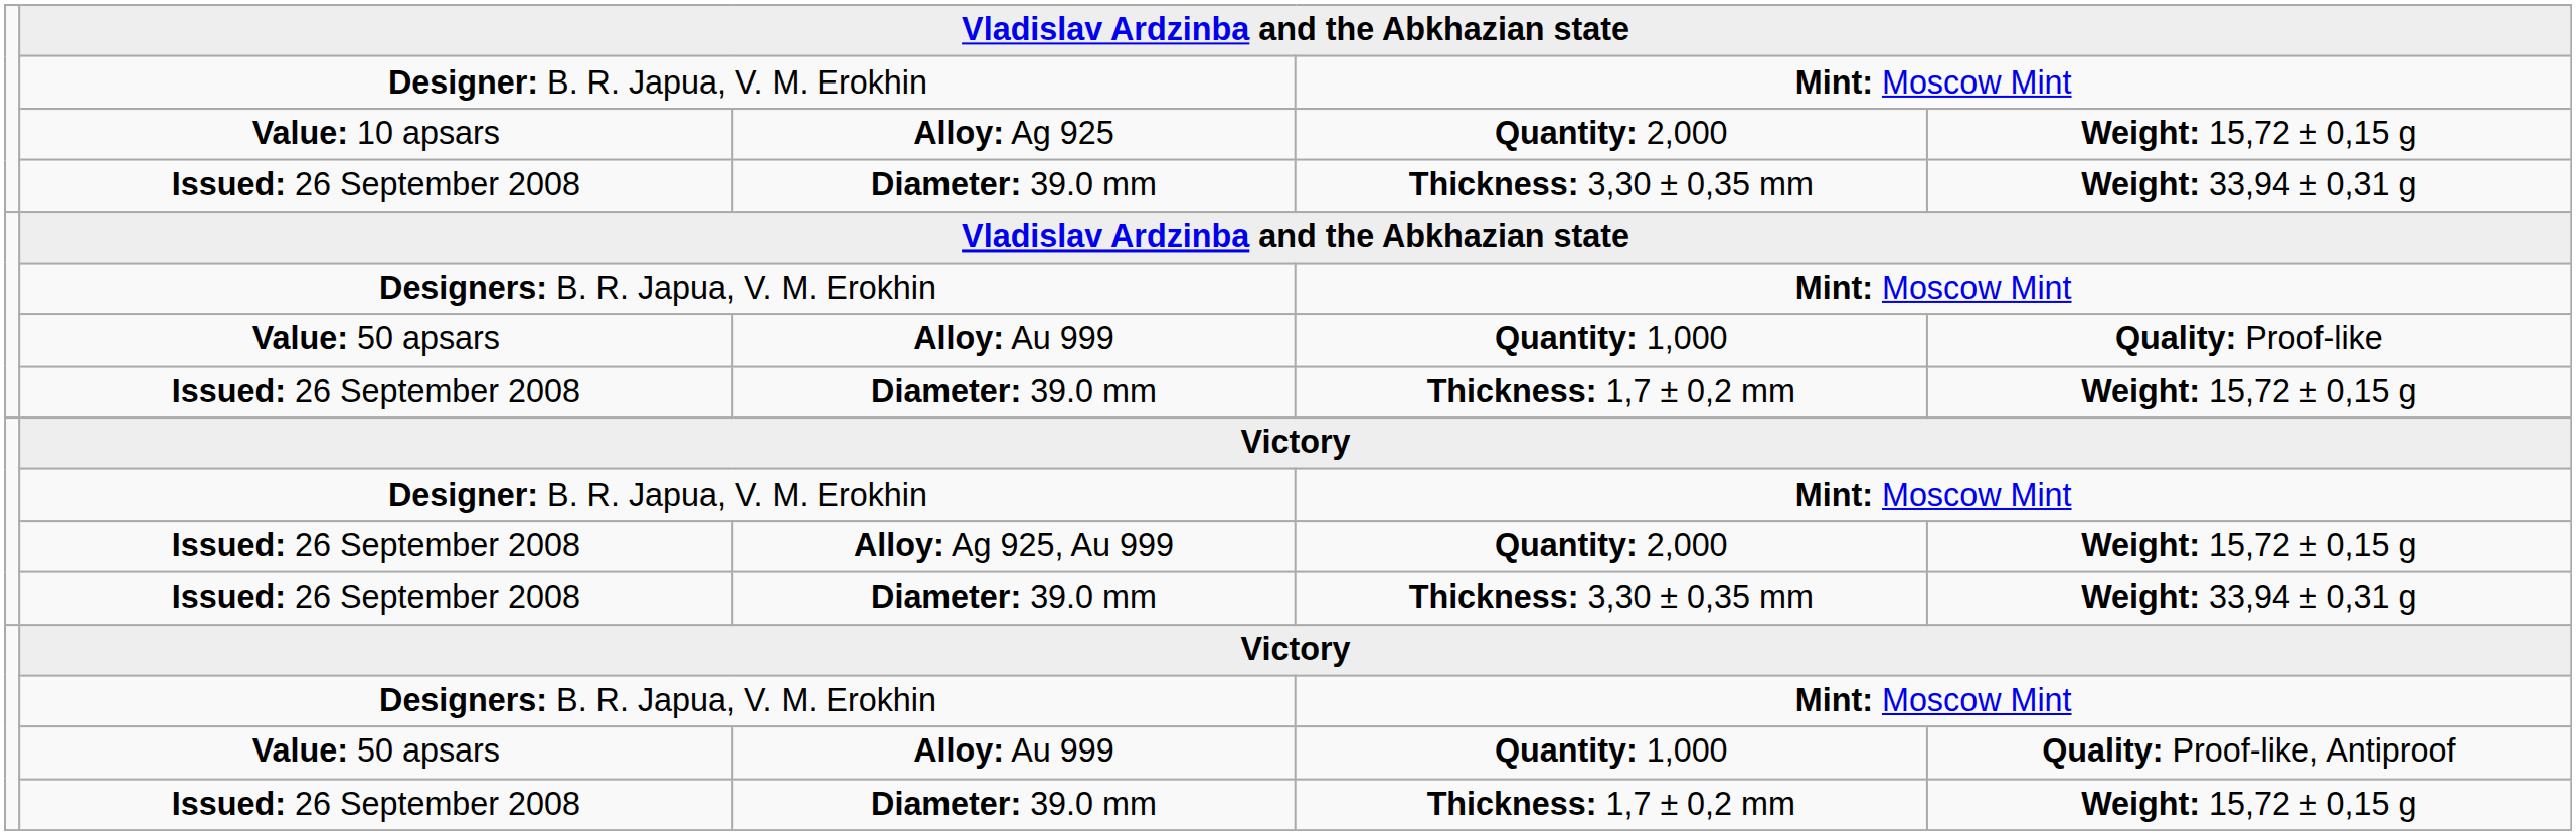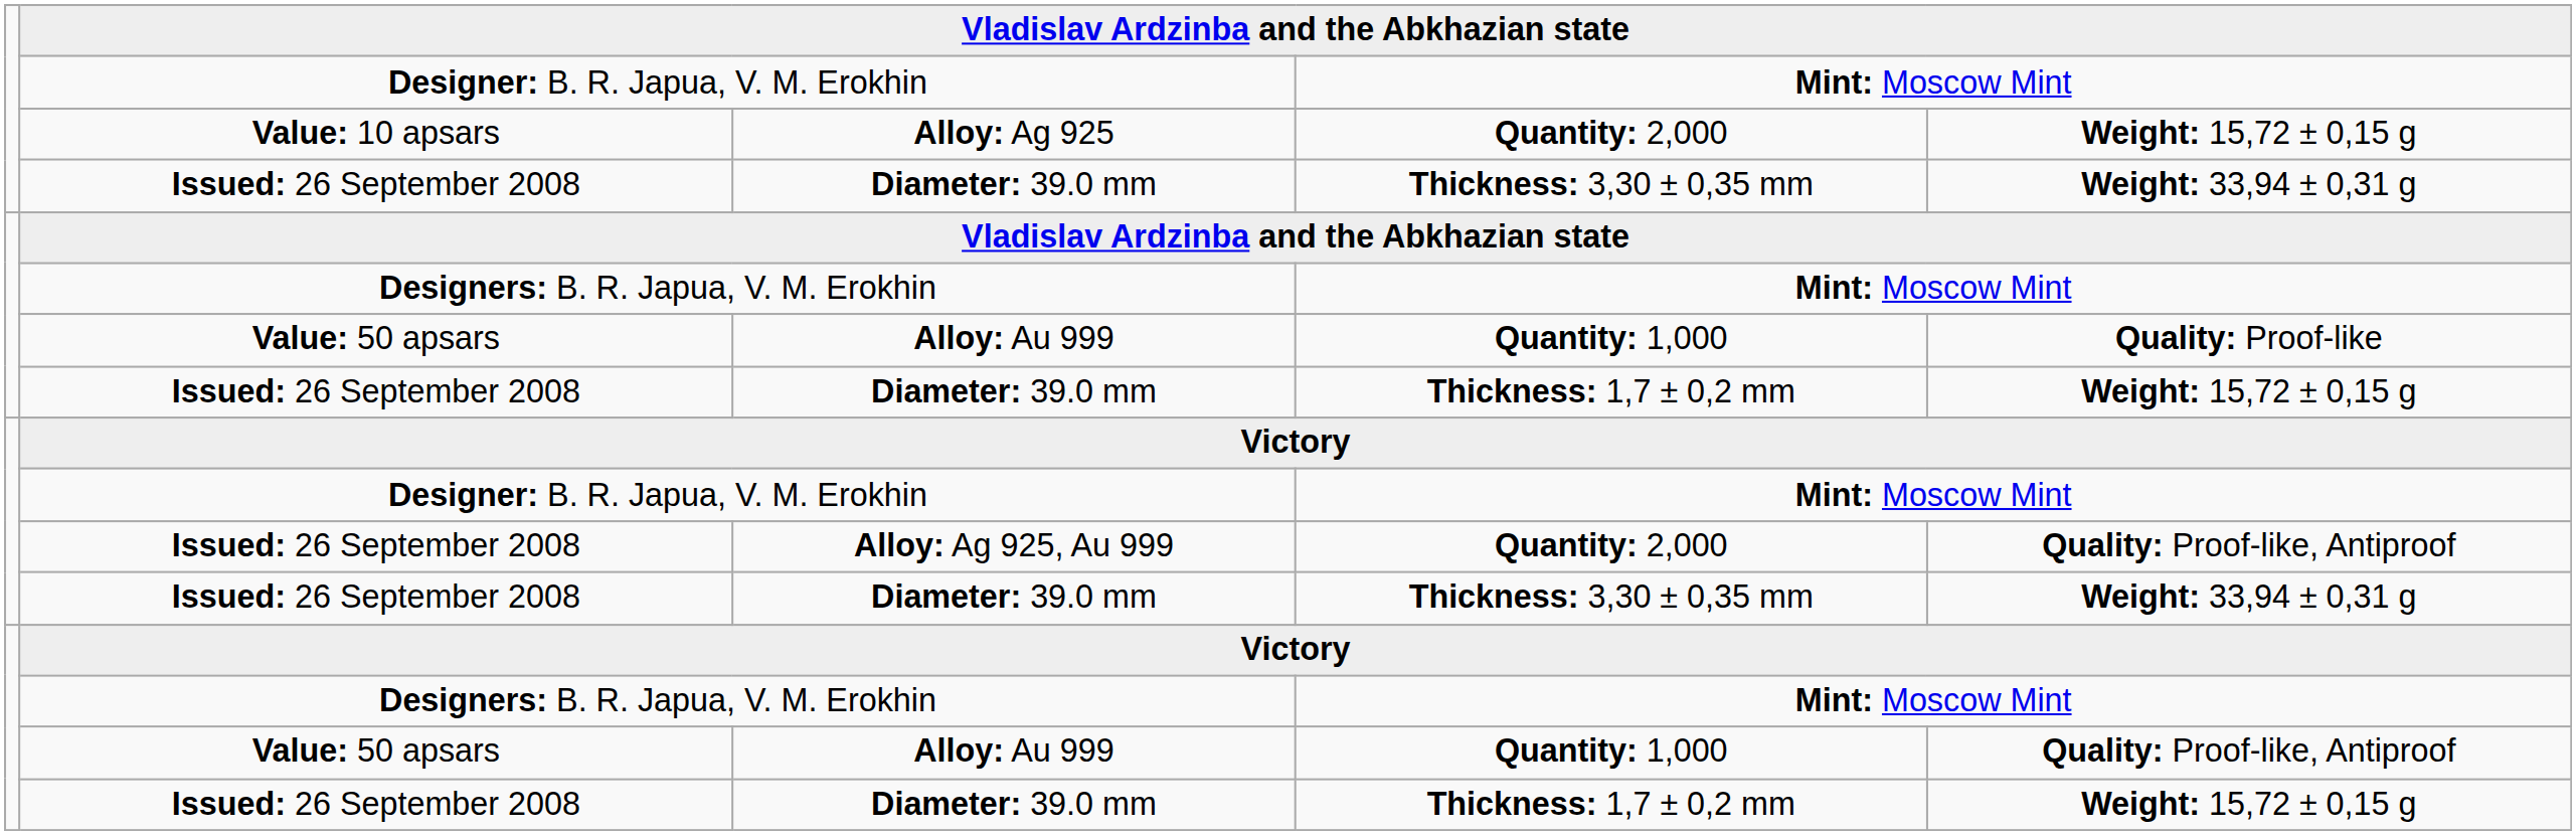 <table class="wikitable" width="100%">
 <tr>
 <td rowspan=4 width="330px" nowrap align=center><br> </td>
 <th colspan="4" align=center  style="background:#eeeeee;"><a href='#'>Vladislav Ardzinba</a> and the Abkhazian state</th>
 </tr>
 <tr>
 <td colspan="2" width="50%" align=center><strong>Designer:</strong> B. R. Japua, V. M. Erokhin</td>
 <td colspan="2" width="50%" align=center><strong>Mint:</strong> <a href='#'>Moscow Mint</a></td>
 </tr>
 <tr>
 <td align=center><strong>Value:</strong> 10 apsars</td>
 <td align=center><strong>Alloy:</strong> Ag 925</td>
 <td align=center><strong>Quantity:</strong> 2,000</td>
 <td align=center><strong>Weight:</strong> 15,72 ± 0,15 g</td>
 </tr>
 <tr>
 <td align=center><strong>Issued:</strong> 26 September 2008</td>
 <td align=center><strong>Diameter:</strong> 39.0 mm</td>
 <td align=center><strong>Thickness:</strong> 3,30 ± 0,35 mm</td>
 <td align=center><strong>Weight:</strong> 33,94 ± 0,31 g</td>
 </tr>
 <tr>
 <td rowspan=4 align=center><br> </td>
 <th colspan="4" align=center  style="background:#eeeeee;"><a href='#'>Vladislav Ardzinba</a> and the Abkhazian state</th>
 </tr>
 <tr>
 <td colspan="2" width="50%" align=center><strong>Designers:</strong> B. R. Japua, V. M. Erokhin</td>
 <td colspan="2" width="50%" align=center><strong>Mint:</strong> <a href='#'>Moscow Mint</a></td>
 </tr>
 <tr>
 <td align=center><strong>Value:</strong> 50 apsars</td>
 <td align=center><strong>Alloy:</strong> Au 999</td>
 <td align=center><strong>Quantity:</strong> 1,000</td>
 <td align=center><strong>Quality:</strong> Proof-like</td>
 </tr>
 <tr>
 <td align=center><strong>Issued:</strong> 26 September 2008</td>
 <td align=center><strong>Diameter:</strong> 39.0 mm</td>
 <td align=center><strong>Thickness:</strong> 1,7 ± 0,2 mm</td>
 <td align=center><strong>Weight:</strong> 15,72 ± 0,15 g</td>
 </tr>
 <tr>
 <td rowspan=4 width="330px" nowrap align=center><br> </td>
 <th colspan="4" align=center  style="background:#eeeeee;">Victory</th>
 </tr>
 <tr>
 <td colspan="2" width="50%" align=center><strong>Designer:</strong> B. R. Japua, V. M. Erokhin</td>
 <td colspan="2" width="50%" align=center><strong>Mint:</strong> <a href='#'>Moscow Mint</a></td>
 </tr>
 <tr>
 <td align=center><strong>Issued:</strong> 26 September 2008</td>
 <td align=center><strong>Alloy:</strong> Ag 925, Au 999</td>
 <td align=center><strong>Quantity:</strong> 2,000</td>
-<td align=center><strong>Weight:</strong> 15,72 ± 0,15 g</td>
+<td align=center><strong>Quality:</strong> Proof-like, Antiproof</td>
 </tr>
 <tr>
 <td align=center><strong>Issued:</strong> 26 September 2008</td>
 <td align=center><strong>Diameter:</strong> 39.0 mm</td>
 <td align=center><strong>Thickness:</strong> 3,30 ± 0,35 mm</td>
 <td align=center><strong>Weight:</strong> 33,94 ± 0,31 g</td>
 </tr>
 <tr>
 <td rowspan=4 align=center><br> </td>
 <th colspan="4" align=center  style="background:#eeeeee;">Victory</th>
 </tr>
 <tr>
 <td colspan="2" width="50%" align=center><strong>Designers:</strong> B. R. Japua, V. M. Erokhin</td>
 <td colspan="2" width="50%" align=center><strong>Mint:</strong> <a href='#'>Moscow Mint</a></td>
 </tr>
 <tr>
 <td align=center><strong>Value:</strong> 50 apsars</td>
 <td align=center><strong>Alloy:</strong> Au 999</td>
 <td align=center><strong>Quantity:</strong> 1,000</td>
 <td align=center><strong>Quality:</strong> Proof-like, Antiproof</td>
 </tr>
 <tr>
 <td align=center><strong>Issued:</strong> 26 September 2008</td>
 <td align=center><strong>Diameter:</strong> 39.0 mm</td>
 <td align=center><strong>Thickness:</strong> 1,7 ± 0,2 mm</td>
 <td align=center><strong>Weight:</strong> 15,72 ± 0,15 g</td>
 </tr>
 </table>
